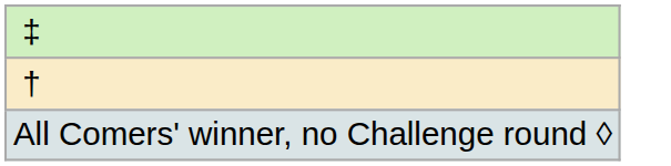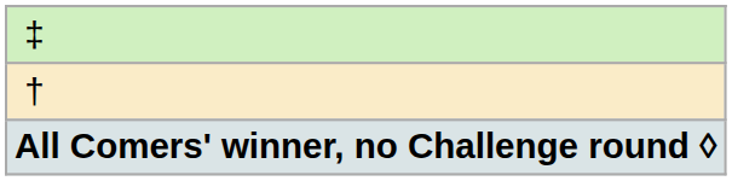 <table class="wikitable" style="font-size:90%;">
 <tr>
 </tr>
 <tr>
 <td style="background: #d0f0c0"> ‡</td>
 </tr>
 <tr>
 <td style="background: #faecc8"> †</td>
 </tr>
 <tr>
-<td style="background: #dAe4e6">All Comers' winner, no Challenge round ◊</td>
+<td style="background: #dAe4e6"><strong>All Comers' winner, no Challenge round ◊</strong></td>
 </tr>
 </table>
